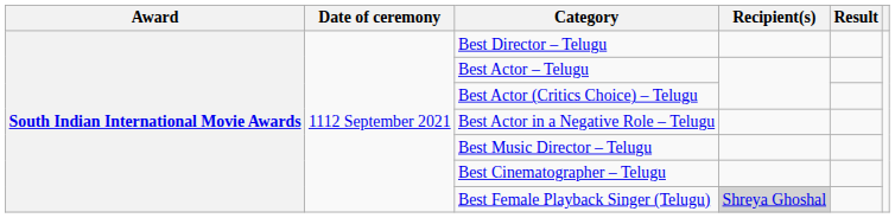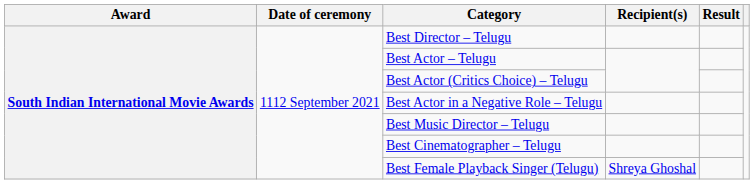 <table class="wikitable plainrowheaders sortable">
 <tr>
 <th scope="col">Award</th>
 <th scope="col">Date of ceremony</th>
 <th scope="col">Category</th>
 <th scope="col">Recipient(s)</th>
 <th scope="col">Result</th>
 <th scope="col" class="unsortable"></th>
 </tr>
 <tr>
 <th rowspan="7" scope="row"><a href='#'>South Indian International Movie Awards</a></th>
 <td rowspan="7"><a href='#'>1112 September 2021</a></td>
 <td><a href='#'>Best Director – Telugu</a></td>
 <td></td>
 <td></td>
 <td rowspan="7" style="text-align:center;"></td>
 </tr>
 <tr>
 <td><a href='#'>Best Actor – Telugu</a></td>
 <td rowspan="2"></td>
 <td></td>
 </tr>
 <tr>
 <td><a href='#'>Best Actor (Critics Choice) – Telugu</a></td>
 <td></td>
 </tr>
 <tr>
 <td><a href='#'>Best Actor in a Negative Role – Telugu</a></td>
 <td></td>
 <td></td>
 </tr>
 <tr>
 <td><a href='#'>Best Music Director – Telugu</a></td>
 <td></td>
 <td></td>
 </tr>
 <tr>
 <td><a href='#'>Best Cinematographer – Telugu</a></td>
 <td></td>
 <td></td>
 </tr>
 <tr>
 <td><a href='#'>Best Female Playback Singer (Telugu)</a></td>
-<td style="background: lightgrey;"><a href='#'>Shreya Ghoshal</a></td>
+<td><a href='#'>Shreya Ghoshal</a></td>
 <td></td>
 </tr>
 </table>
